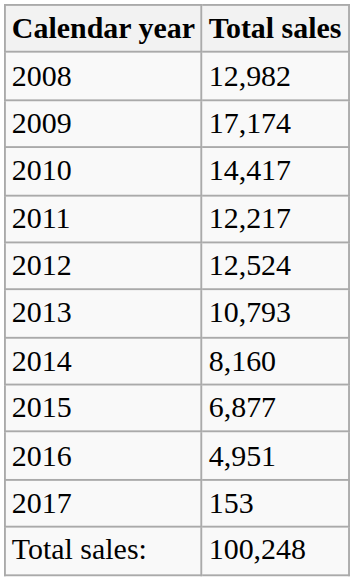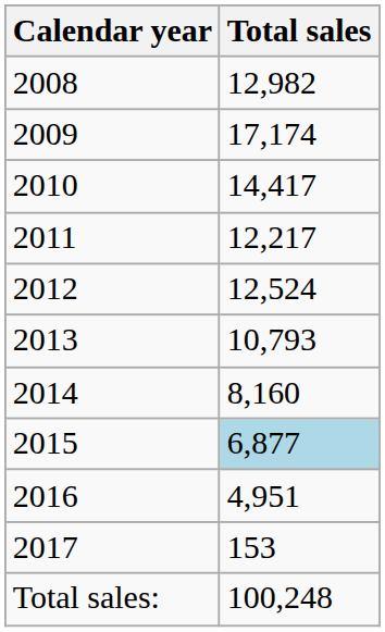 <table class="wikitable">
 <tr>
 <th>Calendar year</th>
 <th>Total sales</th>
 </tr>
 <tr>
 <td>2008</td>
 <td>12,982</td>
 </tr>
 <tr>
 <td>2009</td>
 <td>17,174</td>
 </tr>
 <tr>
 <td>2010</td>
 <td>14,417</td>
 </tr>
 <tr>
 <td>2011</td>
 <td>12,217</td>
 </tr>
 <tr>
 <td>2012</td>
 <td>12,524</td>
 </tr>
 <tr>
 <td>2013</td>
 <td>10,793</td>
 </tr>
 <tr>
 <td>2014</td>
 <td>8,160</td>
 </tr>
 <tr>
 <td>2015</td>
-<td>6,877</td>
+<td style="background: lightblue;">6,877</td>
 </tr>
 <tr>
 <td>2016</td>
 <td>4,951</td>
 </tr>
 <tr>
 <td>2017</td>
 <td>153</td>
 </tr>
 <tr>
 <td>Total sales:</td>
 <td>100,248</td>
 </tr>
 </table>
